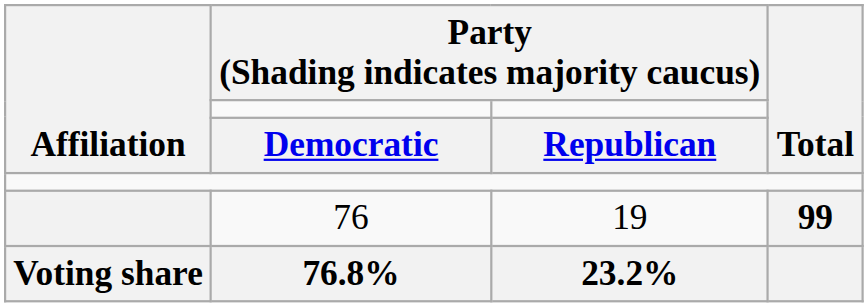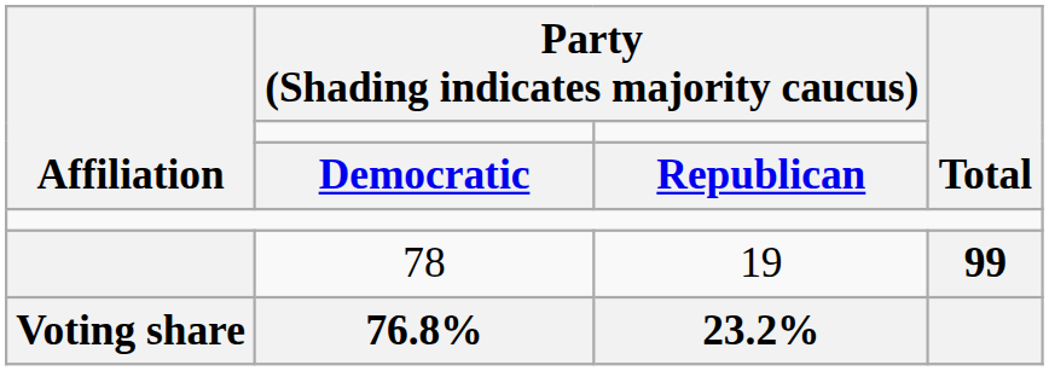 <table class=wikitable style="text-align:center">
 <tr style="vertical-align:bottom;">
 <th rowspan=3>Affiliation</th>
 <th colspan=2>Party <div>(Shading indicates majority caucus)</div></th>
 <th rowspan=3>Total</th>
 </tr>
 <tr style="height:5px">
 <td style="background-color:"></td>
 <td style="background-color:"></td>
 </tr>
 <tr>
 <th><a href='#'>Democratic</a></th>
 <th><a href='#'>Republican</a></th>
 </tr>
 <tr>
 <td colspan=5></td>
 </tr>
 <tr>
 <th nowrap style="font-size:80%"></th>
-<td>76</td>
+<td>78</td>
 <td>19</td>
 <th>99</th>
 </tr>
 <tr>
 <th>Voting share</th>
 <th>76.8%</th>
 <th>23.2%</th>
 <th colspan=2></th>
 </tr>
 </table>
